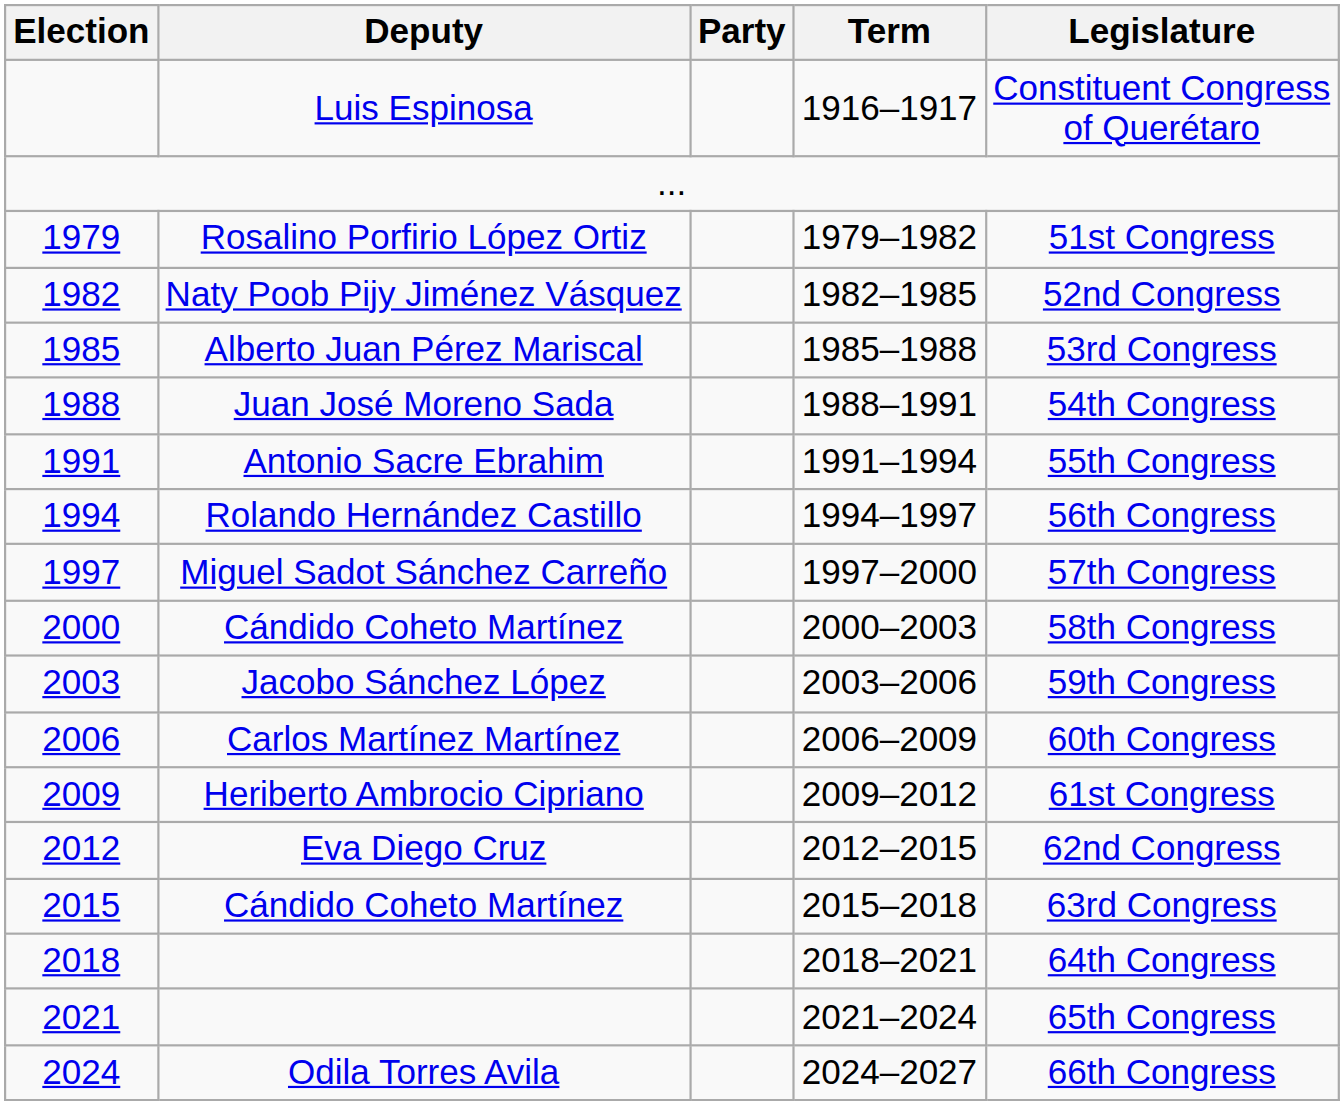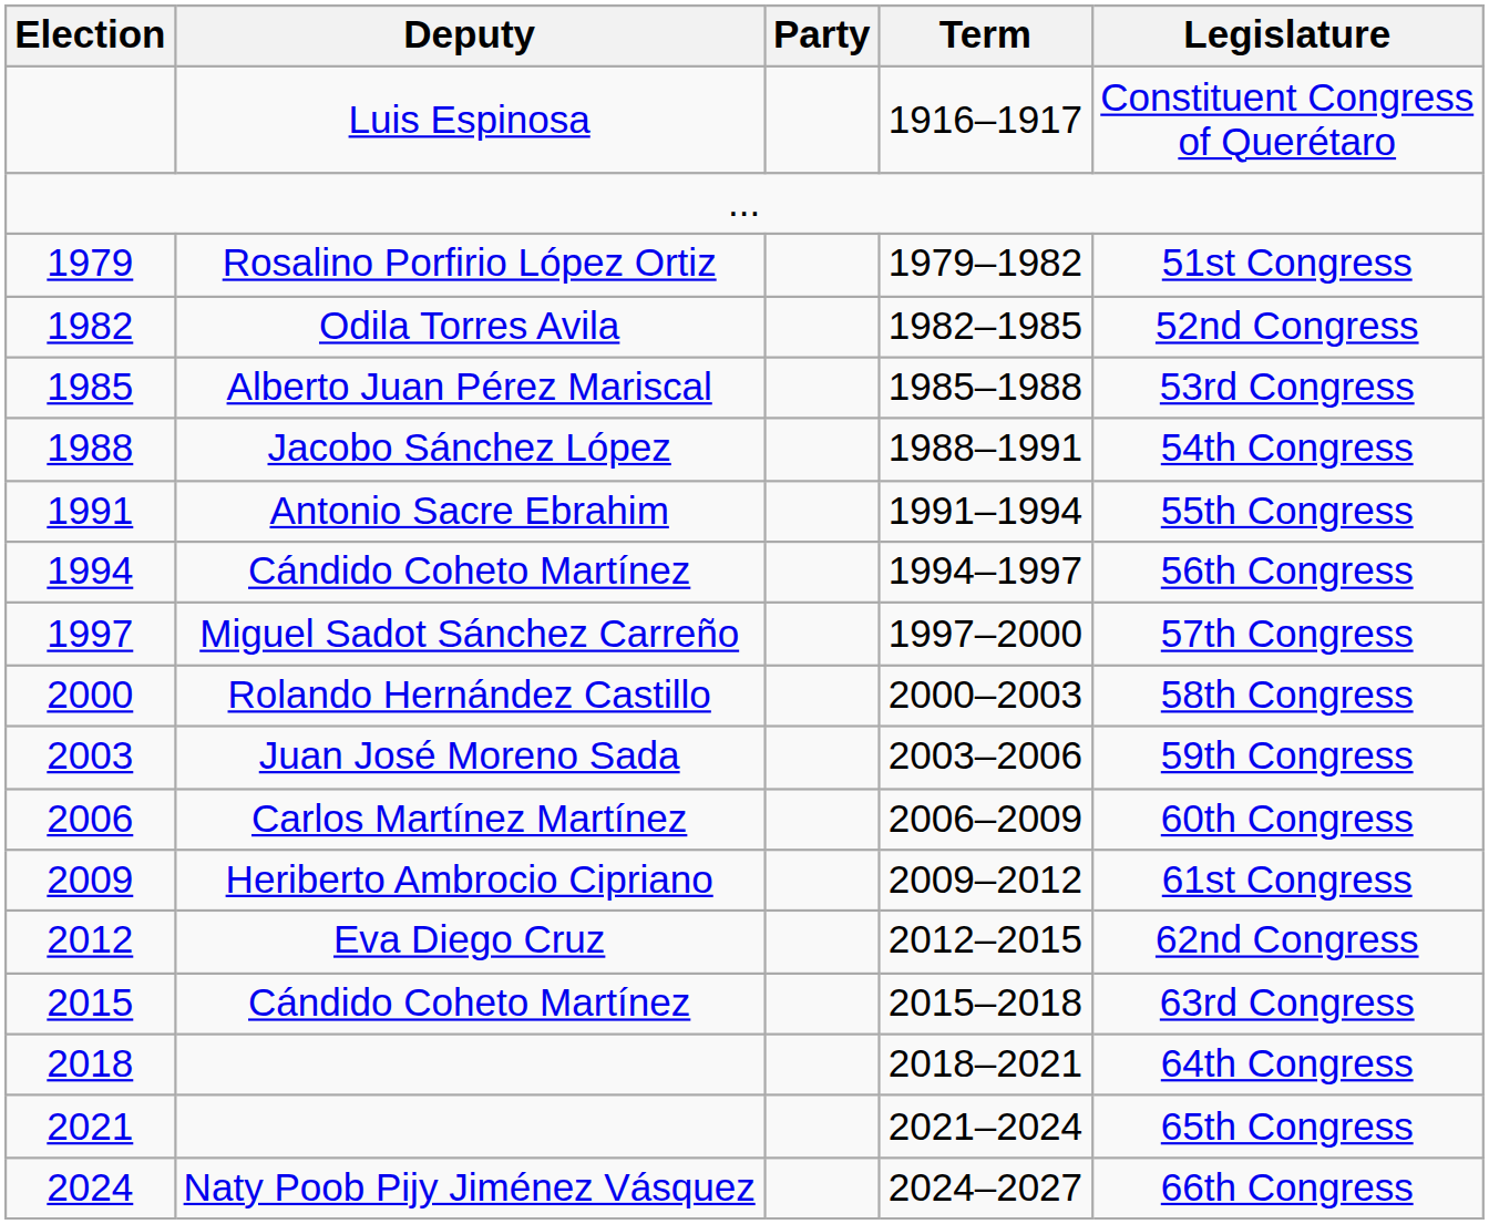 <table class="wikitable sortable" style="text-align: center">
 <tr>
 <th>Election</th>
 <th class="unsortable">Deputy</th>
 <th class="unsortable">Party</th>
 <th class="unsortable">Term</th>
 <th class="unsortable">Legislature</th>
 </tr>
 <tr>
 <td></td>
 <td><a href='#'>Luis Espinosa</a></td>
 <td></td>
 <td>1916–1917</td>
 <td><a href='#'>Constituent Congress<br>of Querétaro</a></td>
 </tr>
 <tr>
 <td colspan=6>...</td>
 </tr>
 <tr>
 <td><a href='#'>1979</a></td>
 <td><a href='#'>Rosalino Porfirio López Ortiz</a></td>
 <td></td>
 <td>1979–1982</td>
 <td><a href='#'>51st Congress</a></td>
 </tr>
 <tr>
 <td><a href='#'>1982</a></td>
-<td><a href='#'>Naty Poob Pijy Jiménez Vásquez</a></td>
+<td><a href='#'>Odila Torres Avila</a></td>
 <td></td>
 <td>1982–1985</td>
 <td><a href='#'>52nd Congress</a></td>
 </tr>
 <tr>
 <td><a href='#'>1985</a></td>
 <td><a href='#'>Alberto Juan Pérez Mariscal</a></td>
 <td></td>
 <td>1985–1988</td>
 <td><a href='#'>53rd Congress</a></td>
 </tr>
 <tr>
 <td><a href='#'>1988</a></td>
-<td><a href='#'>Juan José Moreno Sada</a></td>
+<td><a href='#'>Jacobo Sánchez López</a></td>
 <td></td>
 <td>1988–1991</td>
 <td><a href='#'>54th Congress</a></td>
 </tr>
 <tr>
 <td><a href='#'>1991</a></td>
 <td><a href='#'>Antonio Sacre Ebrahim</a></td>
 <td></td>
 <td>1991–1994</td>
 <td><a href='#'>55th Congress</a></td>
 </tr>
 <tr>
 <td><a href='#'>1994</a></td>
-<td><a href='#'>Rolando Hernández Castillo</a></td>
+<td><a href='#'>Cándido Coheto Martínez</a></td>
 <td></td>
 <td>1994–1997</td>
 <td><a href='#'>56th Congress</a></td>
 </tr>
 <tr>
 <td><a href='#'>1997</a></td>
 <td><a href='#'>Miguel Sadot Sánchez Carreño</a></td>
 <td></td>
 <td>1997–2000</td>
 <td><a href='#'>57th Congress</a></td>
 </tr>
 <tr>
 <td><a href='#'>2000</a></td>
-<td><a href='#'>Cándido Coheto Martínez</a></td>
+<td><a href='#'>Rolando Hernández Castillo</a></td>
 <td></td>
 <td>2000–2003</td>
 <td><a href='#'>58th Congress</a></td>
 </tr>
 <tr>
 <td><a href='#'>2003</a></td>
-<td><a href='#'>Jacobo Sánchez López</a></td>
+<td><a href='#'>Juan José Moreno Sada</a></td>
 <td></td>
 <td>2003–2006</td>
 <td><a href='#'>59th Congress</a></td>
 </tr>
 <tr>
 <td><a href='#'>2006</a></td>
 <td><a href='#'>Carlos Martínez Martínez</a></td>
 <td></td>
 <td>2006–2009</td>
 <td><a href='#'>60th Congress</a></td>
 </tr>
 <tr>
 <td><a href='#'>2009</a></td>
 <td><a href='#'>Heriberto Ambrocio Cipriano</a></td>
 <td></td>
 <td>2009–2012</td>
 <td><a href='#'>61st Congress</a></td>
 </tr>
 <tr>
 <td><a href='#'>2012</a></td>
 <td><a href='#'>Eva Diego Cruz</a></td>
 <td> </td>
 <td>2012–2015</td>
 <td><a href='#'>62nd Congress</a></td>
 </tr>
 <tr>
 <td><a href='#'>2015</a></td>
 <td><a href='#'>Cándido Coheto Martínez</a></td>
 <td></td>
 <td>2015–2018</td>
 <td><a href='#'>63rd Congress</a></td>
 </tr>
 <tr>
 <td><a href='#'>2018</a></td>
 <td></td>
 <td></td>
 <td>2018–2021</td>
 <td><a href='#'>64th Congress</a></td>
 </tr>
 <tr>
 <td><a href='#'>2021</a></td>
 <td></td>
 <td></td>
 <td>2021–2024</td>
 <td><a href='#'>65th Congress</a></td>
 </tr>
 <tr>
 <td><a href='#'>2024</a></td>
-<td><a href='#'>Odila Torres Avila</a></td>
+<td><a href='#'>Naty Poob Pijy Jiménez Vásquez</a></td>
 <td></td>
 <td>2024–2027</td>
 <td><a href='#'>66th Congress</a></td>
 </tr>
 </table>
